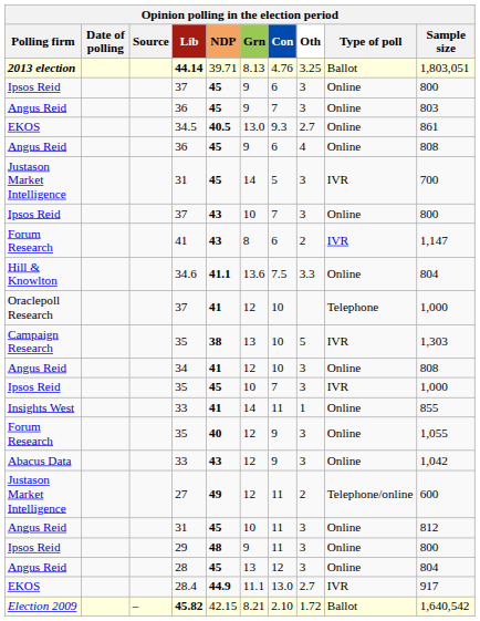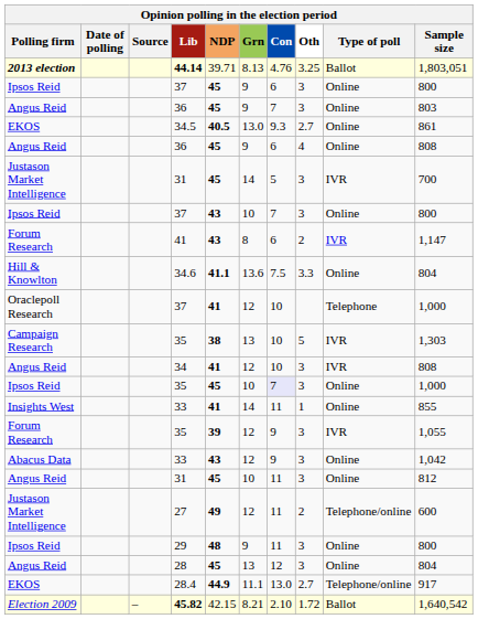 <table class="wikitable collapsible collapsed">
 <tr style="background-color:#E9E9E9">
 <th width=830px, colspan="10">Opinion polling in the election period</th>
 </tr>
 <tr style="background-color:#E9E9E9">
 <th>Polling firm</th>
 <th>Date of polling</th>
 <th>Source</th>
 <th style="background: #A51B12; color: white">Lib</th>
 <th style="background: #F4A460;">NDP</th>
 <th style="background: #99C955;">Grn</th>
 <th style="background: #004AAD; color: white">Con</th>
 <th style="background: #FFFFFF;">Oth</th>
 <th>Type of poll</th>
 <th>Sample size</th>
 </tr>
 <tr>
 <td bgcolor="#FFFFDD"><strong><em>2013 election</em></strong></td>
 <td bgcolor="#FFFFDD"></td>
 <td bgcolor="#FFFFDD"></td>
 <td bgcolor="#FFFFDD"><strong>44.14</strong></td>
 <td bgcolor="#FFFFDD">39.71</td>
 <td bgcolor="#FFFFDD">8.13</td>
 <td bgcolor="#FFFFDD">4.76</td>
 <td bgcolor="#FFFFDD">3.25</td>
 <td bgcolor="#FFFFDD">Ballot</td>
 <td bgcolor="#FFFFDD">1,803,051</td>
 </tr>
 <tr>
 <td><a href='#'>Ipsos Reid</a></td>
 <td></td>
 <td></td>
 <td>37</td>
 <td style="background-color:"><strong>45</strong></td>
 <td>9</td>
 <td>6</td>
 <td>3</td>
 <td>Online</td>
 <td>800</td>
 </tr>
 <tr>
 <td><a href='#'>Angus Reid</a></td>
 <td></td>
 <td></td>
 <td>36</td>
 <td style="background-color:"><strong>45</strong></td>
 <td>9</td>
 <td>7</td>
 <td>3</td>
 <td>Online</td>
 <td>803</td>
 </tr>
 <tr>
 <td><a href='#'>EKOS</a></td>
 <td></td>
 <td></td>
 <td>34.5</td>
 <td style="background-color:"><strong>40.5</strong></td>
 <td>13.0</td>
 <td>9.3</td>
 <td>2.7</td>
 <td>Online</td>
 <td>861</td>
 </tr>
 <tr>
 <td><a href='#'>Angus Reid</a></td>
 <td></td>
 <td></td>
 <td>36</td>
 <td style="background-color:"><strong>45</strong></td>
 <td>9</td>
 <td>6</td>
 <td>4</td>
 <td>Online</td>
 <td>808</td>
 </tr>
 <tr>
 <td><a href='#'>Justason Market Intelligence</a></td>
 <td></td>
 <td></td>
 <td>31</td>
 <td style="background-color:"><strong>45</strong></td>
 <td>14</td>
 <td>5</td>
 <td>3</td>
 <td>IVR</td>
 <td>700</td>
 </tr>
 <tr>
 <td><a href='#'>Ipsos Reid</a></td>
 <td></td>
 <td></td>
 <td>37</td>
 <td style="background-color:"><strong>43</strong></td>
 <td>10</td>
 <td>7</td>
 <td>3</td>
 <td>Online</td>
 <td>800</td>
 </tr>
 <tr>
 <td><a href='#'>Forum Research</a></td>
 <td></td>
 <td></td>
 <td>41</td>
 <td style="background-color:"><strong>43</strong></td>
 <td>8</td>
 <td>6</td>
 <td>2</td>
 <td><a href='#'>IVR</a></td>
 <td>1,147</td>
 </tr>
 <tr>
 <td><a href='#'>Hill & Knowlton</a></td>
 <td></td>
 <td></td>
 <td>34.6</td>
 <td style="background-color:"><strong>41.1</strong></td>
 <td>13.6</td>
 <td>7.5</td>
 <td>3.3</td>
 <td>Online</td>
 <td>804</td>
 </tr>
 <tr>
 <td>Oraclepoll Research</td>
 <td></td>
 <td></td>
 <td>37</td>
 <td style="background-color:"><strong>41</strong></td>
 <td>12</td>
 <td>10</td>
 <td></td>
 <td>Telephone</td>
 <td>1,000</td>
 </tr>
 <tr>
 <td><a href='#'>Campaign Research</a></td>
 <td></td>
 <td></td>
 <td>35</td>
 <td style="background-color:"><strong>38</strong></td>
 <td>13</td>
 <td>10</td>
 <td>5</td>
 <td>IVR</td>
 <td>1,303</td>
 </tr>
 <tr>
 <td><a href='#'>Angus Reid</a></td>
 <td></td>
 <td></td>
 <td>34</td>
 <td style="background-color:"><strong>41</strong></td>
 <td>12</td>
 <td>10</td>
 <td>3</td>
-<td>Online</td>
+<td>IVR</td>
 <td>808</td>
 </tr>
 <tr>
 <td><a href='#'>Ipsos Reid</a></td>
 <td></td>
 <td></td>
 <td>35</td>
 <td style="background-color:"><strong>45</strong></td>
 <td>10</td>
-<td>7</td>
+<td style="background: lavender;">7</td>
 <td>3</td>
-<td>IVR</td>
+<td>Online</td>
 <td>1,000</td>
 </tr>
 <tr>
 <td><a href='#'>Insights West</a></td>
 <td></td>
 <td></td>
 <td>33</td>
 <td style="background-color:"><strong>41</strong></td>
 <td>14</td>
 <td>11</td>
 <td>1</td>
 <td>Online</td>
 <td>855</td>
 </tr>
 <tr>
 <td><a href='#'>Forum Research</a></td>
 <td></td>
 <td></td>
 <td>35</td>
-<td style="background-color:"><strong>40</strong></td>
+<td style="background-color:"><strong>39</strong></td>
 <td>12</td>
 <td>9</td>
 <td>3</td>
-<td>Online</td>
+<td>IVR</td>
 <td>1,055</td>
 </tr>
 <tr>
 <td><a href='#'>Abacus Data</a></td>
 <td></td>
 <td></td>
 <td>33</td>
 <td style="background-color:"><strong>43</strong></td>
 <td>12</td>
 <td>9</td>
 <td>3</td>
 <td>Online</td>
 <td>1,042</td>
 </tr>
 <tr>
+<td><a href='#'>Angus Reid</a></td>
+<td></td>
+<td></td>
+<td>31</td>
+<td style="background-color:"><strong>45</strong></td>
+<td>10</td>
+<td>11</td>
+<td>3</td>
+<td>Online</td>
+<td>812</td>
+</tr>
+<tr>
 <td><a href='#'>Justason Market Intelligence</a></td>
 <td></td>
 <td></td>
 <td>27</td>
 <td style="background-color:"><strong>49</strong></td>
 <td>12</td>
 <td>11</td>
 <td>2</td>
 <td>Telephone/online</td>
 <td>600</td>
-</tr>
-<tr>
-<td><a href='#'>Angus Reid</a></td>
-<td></td>
-<td></td>
-<td>31</td>
-<td style="background-color:"><strong>45</strong></td>
-<td>10</td>
-<td>11</td>
-<td>3</td>
-<td>Online</td>
-<td>812</td>
 </tr>
 <tr>
 <td><a href='#'>Ipsos Reid</a></td>
 <td></td>
 <td></td>
 <td>29</td>
 <td style="background-color:"><strong>48</strong></td>
 <td>9</td>
 <td>11</td>
 <td>3</td>
 <td>Online</td>
 <td>800</td>
 </tr>
 <tr>
 <td><a href='#'>Angus Reid</a></td>
 <td></td>
 <td></td>
 <td>28</td>
 <td style="background-color:"><strong>45</strong></td>
 <td>13</td>
 <td>12</td>
 <td>3</td>
 <td>Online</td>
 <td>804</td>
 </tr>
 <tr>
 <td><a href='#'>EKOS</a></td>
 <td></td>
 <td></td>
 <td>28.4</td>
 <td style="background-color:"><strong>44.9</strong></td>
 <td>11.1</td>
 <td>13.0</td>
 <td>2.7</td>
-<td>IVR</td>
+<td>Telephone/online</td>
 <td>917</td>
 </tr>
 <tr>
 <td bgcolor="#FFFFDD"><em><a href='#'>Election 2009</a></em></td>
 <td bgcolor="#FFFFDD"></td>
 <td bgcolor="#FFFFDD">–</td>
 <td bgcolor="#FFFFDD"><strong>45.82</strong></td>
 <td bgcolor="#FFFFDD">42.15</td>
 <td bgcolor="#FFFFDD">8.21</td>
 <td bgcolor="#FFFFDD">2.10</td>
 <td bgcolor="#FFFFDD">1.72</td>
 <td bgcolor="#FFFFDD">Ballot</td>
 <td bgcolor="#FFFFDD">1,640,542</td>
 </tr>
 </table>
